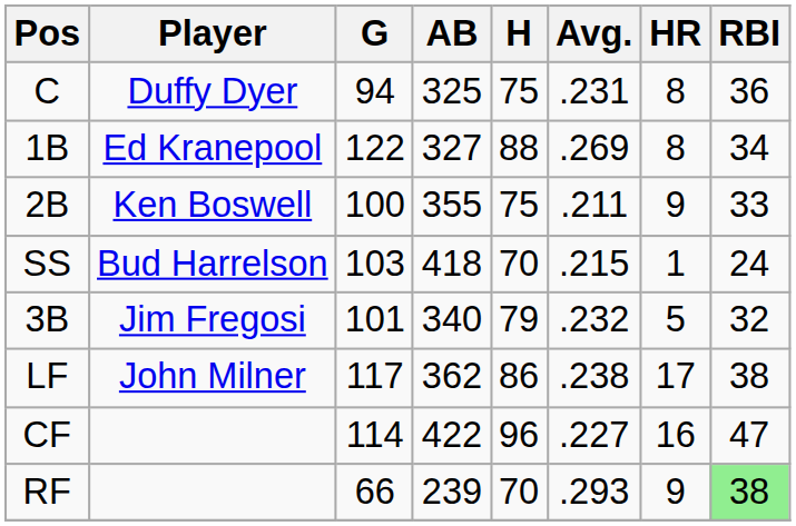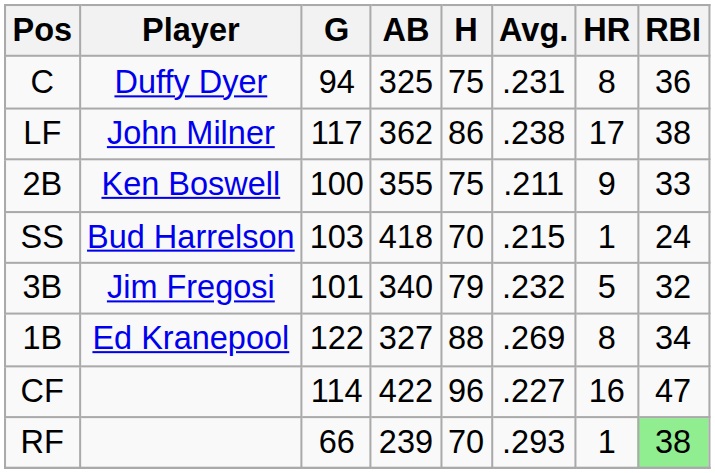 <table class="wikitable sortable">
 <tr>
 <th>Pos</th>
 <th>Player</th>
 <th>G</th>
 <th>AB</th>
 <th>H</th>
 <th>Avg.</th>
 <th>HR</th>
 <th>RBI</th>
 </tr>
 <tr align="center">
 <td>C</td>
 <td><a href='#'>Duffy Dyer</a></td>
 <td>94</td>
 <td>325</td>
 <td>75</td>
 <td>.231</td>
 <td>8</td>
 <td>36</td>
 </tr>
 <tr align="center">
-<td>1B</td>
-<td><a href='#'>Ed Kranepool</a></td>
-<td>122</td>
-<td>327</td>
-<td>88</td>
-<td>.269</td>
-<td>8</td>
-<td>34</td>
+<td>LF</td>
+<td><a href='#'>John Milner</a></td>
+<td>117</td>
+<td>362</td>
+<td>86</td>
+<td>.238</td>
+<td>17</td>
+<td>38</td>
 </tr>
 <tr align="center">
 <td>2B</td>
 <td><a href='#'>Ken Boswell</a></td>
 <td>100</td>
 <td>355</td>
 <td>75</td>
 <td>.211</td>
 <td>9</td>
 <td>33</td>
 </tr>
 <tr align="center">
 <td>SS</td>
 <td><a href='#'>Bud Harrelson</a></td>
 <td>103</td>
 <td>418</td>
 <td>70</td>
 <td>.215</td>
 <td>1</td>
 <td>24</td>
 </tr>
 <tr align="center">
 <td>3B</td>
 <td><a href='#'>Jim Fregosi</a></td>
 <td>101</td>
 <td>340</td>
 <td>79</td>
 <td>.232</td>
 <td>5</td>
 <td>32</td>
 </tr>
 <tr align="center">
-<td>LF</td>
-<td><a href='#'>John Milner</a></td>
-<td>117</td>
-<td>362</td>
-<td>86</td>
-<td>.238</td>
-<td>17</td>
-<td>38</td>
+<td>1B</td>
+<td><a href='#'>Ed Kranepool</a></td>
+<td>122</td>
+<td>327</td>
+<td>88</td>
+<td>.269</td>
+<td>8</td>
+<td>34</td>
 </tr>
 <tr align="center">
 <td>CF</td>
 <td></td>
 <td>114</td>
 <td>422</td>
 <td>96</td>
 <td>.227</td>
 <td>16</td>
 <td>47</td>
 </tr>
 <tr align="center">
 <td>RF</td>
 <td></td>
 <td>66</td>
 <td>239</td>
 <td>70</td>
 <td>.293</td>
-<td>9</td>
+<td>1</td>
 <td style="background: lightgreen;">38</td>
 </tr>
 <tr align="center">
 </tr>
 </table>
